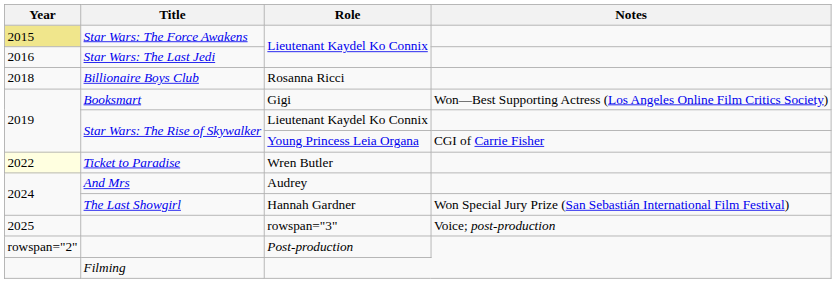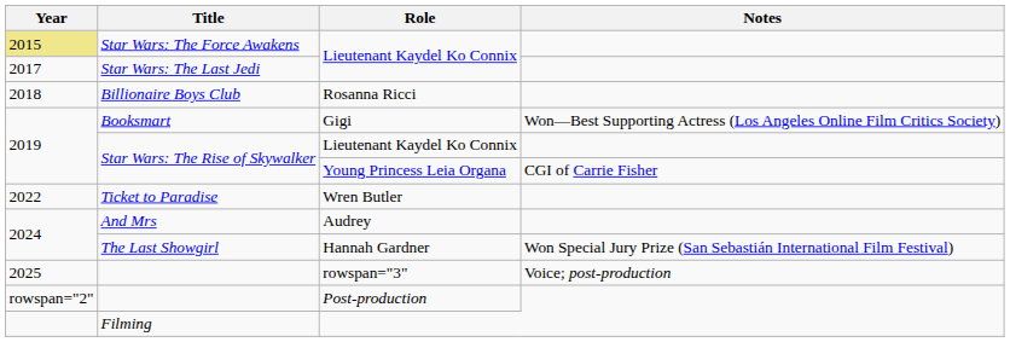 <table class="wikitable plainrowheaders sortable">
 <tr>
 <th scope="col">Year</th>
 <th scope="col">Title</th>
 <th scope="col">Role</th>
 <th scope="col" class="unsortable">Notes</th>
 </tr>
 <tr>
 <td style="background: khaki;">2015</td>
 <td><em><a href='#'>Star Wars: The Force Awakens</a></em></td>
 <td rowspan="2"><a href='#'>Lieutenant Kaydel Ko Connix</a></td>
 <td></td>
 </tr>
 <tr>
-<td>2016</td>
+<td>2017</td>
 <td><em><a href='#'>Star Wars: The Last Jedi</a></em></td>
 <td></td>
 </tr>
 <tr>
 <td>2018</td>
 <td><em><a href='#'>Billionaire Boys Club</a></em></td>
 <td>Rosanna Ricci</td>
 <td></td>
 </tr>
 <tr>
 <td rowspan="3">2019</td>
 <td><em><a href='#'>Booksmart</a></em></td>
 <td>Gigi</td>
 <td>Won—Best Supporting Actress (<a href='#'>Los Angeles Online Film Critics Society</a>)</td>
 </tr>
 <tr>
 <td rowspan="2"><em><a href='#'>Star Wars: The Rise of Skywalker</a></em></td>
 <td>Lieutenant Kaydel Ko Connix</td>
 <td></td>
 </tr>
 <tr>
 <td><a href='#'>Young Princess Leia Organa</a></td>
 <td>CGI of <a href='#'>Carrie Fisher</a></td>
 </tr>
 <tr>
-<td style="background: lightyellow;">2022</td>
+<td>2022</td>
 <td><em><a href='#'>Ticket to Paradise</a></em></td>
 <td>Wren Butler</td>
 <td></td>
 </tr>
 <tr>
 <td rowspan="2">2024</td>
 <td><em><a href='#'>And Mrs</a></em></td>
 <td>Audrey</td>
 <td></td>
 </tr>
 <tr>
 <td><em><a href='#'>The Last Showgirl</a></em></td>
 <td>Hannah Gardner</td>
 <td>Won Special Jury Prize (<a href='#'>San Sebastián International Film Festival</a>)</td>
 </tr>
 <tr>
 <td>2025</td>
 <td></td>
 <td>rowspan="3" </td>
 <td>Voice; <em>post-production</em></td>
 </tr>
 <tr>
 <td>rowspan="2" </td>
 <td></td>
 <td><em>Post-production</em></td>
 </tr>
 <tr>
 <td></td>
 <td><em>Filming</em></td>
 </tr>
 </table>
